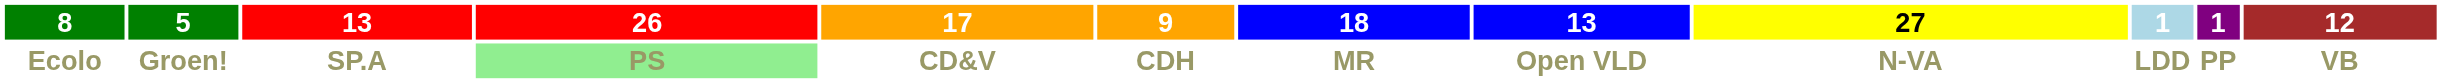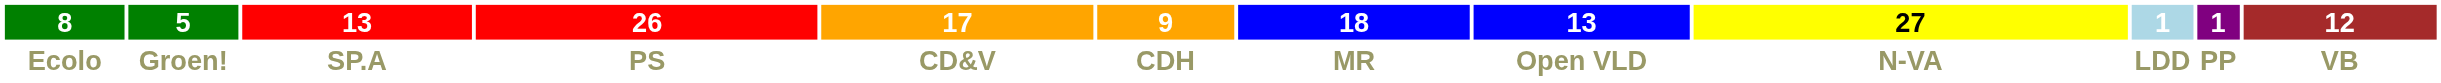 <table style="width:100%; font-size:88%; text-align:center;">
 <tr style="font-weight:bold">
 <td style="background:green; width:4.80%; color:white">8</td>
 <td style="background:green; width:4.38%; color:white">5</td>
 <td style="background:red; width:9.24%; color:white">13</td>
 <td style="background:red; width:13.70%; color:white">26</td>
 <td style="background:orange; width:10.85%; color:white">17</td>
 <td style="background:orange; width:5.52%; color:white">9</td>
 <td style="background:blue; width:9.28%; color:white">18</td>
 <td style="background:blue; width:8.64%; color:white">13</td>
 <td style="background:yellow; width:17.40%; color:black">27</td>
 <td style="background:lightblue; width:2.31%; color:white">1</td>
 <td style="background:purple; width:1.29%; color:white">1</td>
 <td style="background:brown; width:7.76%; color:white">12</td>
 </tr>
 <tr style="font-weight:bold; color:#996;">
 <td>Ecolo</td>
 <td>Groen!</td>
 <td>SP.A</td>
-<td style="background: lightgreen;">PS</td>
+<td>PS</td>
 <td>CD&V</td>
 <td>CDH</td>
 <td>MR</td>
 <td>Open VLD</td>
 <td>N-VA</td>
 <td>LDD</td>
 <td>PP</td>
 <td>VB</td>
 </tr>
 </table>
